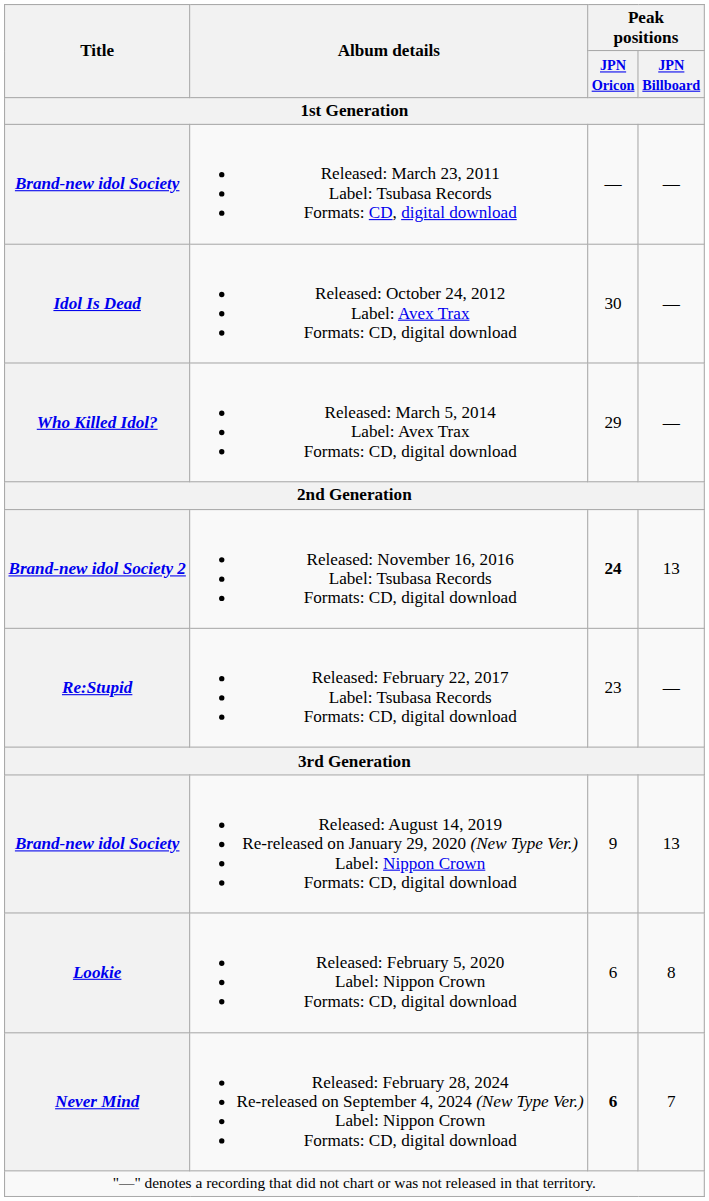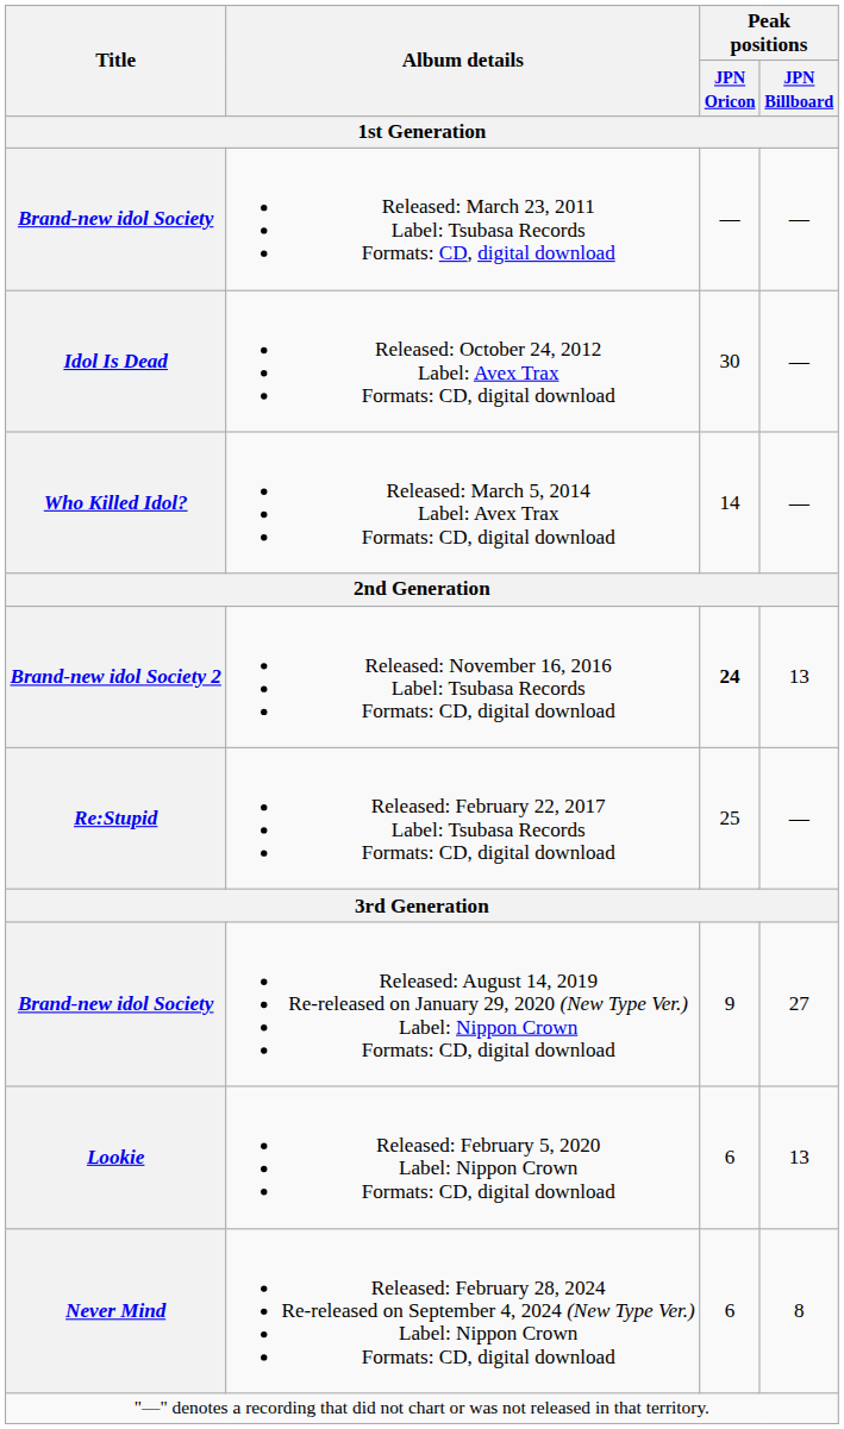 <table class="wikitable plainrowheaders" style="text-align:center;">
 <tr>
 <th scope="col" rowspan="2">Title</th>
 <th scope="col" rowspan="2">Album details</th>
 <th scope="col" colspan="2">Peak <br> positions</th>
 </tr>
 <tr>
 <th scope="col"><small><a href='#'>JPN<br>Oricon</a></small><br></th>
 <th scope="col"><small><a href='#'>JPN<br>Billboard</a></small><br></th>
 </tr>
 <tr>
 <th scope="col" colspan="4">1st Generation</th>
 </tr>
 <tr>
 <th scope="row"><em><a href='#'>Brand-new idol Society</a></em></th>
 <td><br><ul><li>Released: March 23, 2011</li><li>Label: Tsubasa Records</li><li>Formats: <a href='#'>CD</a>, <a href='#'>digital download</a></li></ul></td>
 <td>—</td>
 <td>—</td>
 </tr>
 <tr>
 <th scope="row"><em><a href='#'>Idol Is Dead</a></em></th>
 <td><br><ul><li>Released: October 24, 2012</li><li>Label: <a href='#'>Avex Trax</a></li><li>Formats: CD, digital download</li></ul></td>
 <td>30</td>
 <td>—</td>
 </tr>
 <tr>
 <th scope="row"><em><a href='#'>Who Killed Idol?</a></em></th>
 <td><br><ul><li>Released: March 5, 2014</li><li>Label: Avex Trax</li><li>Formats: CD, digital download</li></ul></td>
-<td>29</td>
+<td>14</td>
 <td>—</td>
 </tr>
 <tr>
 <th scope="col" colspan="4">2nd Generation</th>
 </tr>
 <tr>
 <th scope="row"><em><a href='#'>Brand-new idol Society 2</a></em></th>
 <td><br><ul><li>Released: November 16, 2016</li><li>Label: Tsubasa Records</li><li>Formats: CD, digital download</li></ul></td>
 <td><strong>24</strong></td>
 <td>13</td>
 </tr>
 <tr>
 <th scope="row"><em><a href='#'>Re:Stupid</a></em></th>
 <td><br><ul><li>Released: February 22, 2017</li><li>Label: Tsubasa Records</li><li>Formats: CD, digital download</li></ul></td>
-<td>23</td>
+<td>25</td>
 <td>—</td>
 </tr>
 <tr>
 <th scope="col" colspan="4">3rd Generation</th>
 </tr>
 <tr>
 <th scope="row"><em><a href='#'>Brand-new idol Society</a></em></th>
 <td><br><ul><li>Released: August 14, 2019</li><li>Re-released on January 29, 2020 <em>(New Type Ver.)</em></li><li>Label: <a href='#'>Nippon Crown</a></li><li>Formats: CD, digital download</li></ul></td>
 <td>9</td>
-<td>13</td>
+<td>27</td>
 </tr>
 <tr>
 <th scope="row"><em><a href='#'>Lookie</a></em></th>
 <td><br><ul><li>Released: February 5, 2020</li><li>Label: Nippon Crown</li><li>Formats: CD, digital download</li></ul></td>
 <td>6</td>
-<td>8</td>
+<td>13</td>
 </tr>
 <tr>
 <th scope="row"><em><a href='#'>Never Mind</a></em></th>
 <td><br><ul><li>Released: February 28, 2024</li><li>Re-released on September 4, 2024 <em>(New Type Ver.)</em></li><li>Label: Nippon Crown</li><li>Formats: CD, digital download</li></ul></td>
-<td><strong>6</strong></td>
-<td>7</td>
+<td>6</td>
+<td>8</td>
 </tr>
 <tr>
 <td align="center" colspan="4" style="font-size:90%">"—" denotes a recording that did not chart or was not released in that territory.</td>
 </tr>
 </table>
